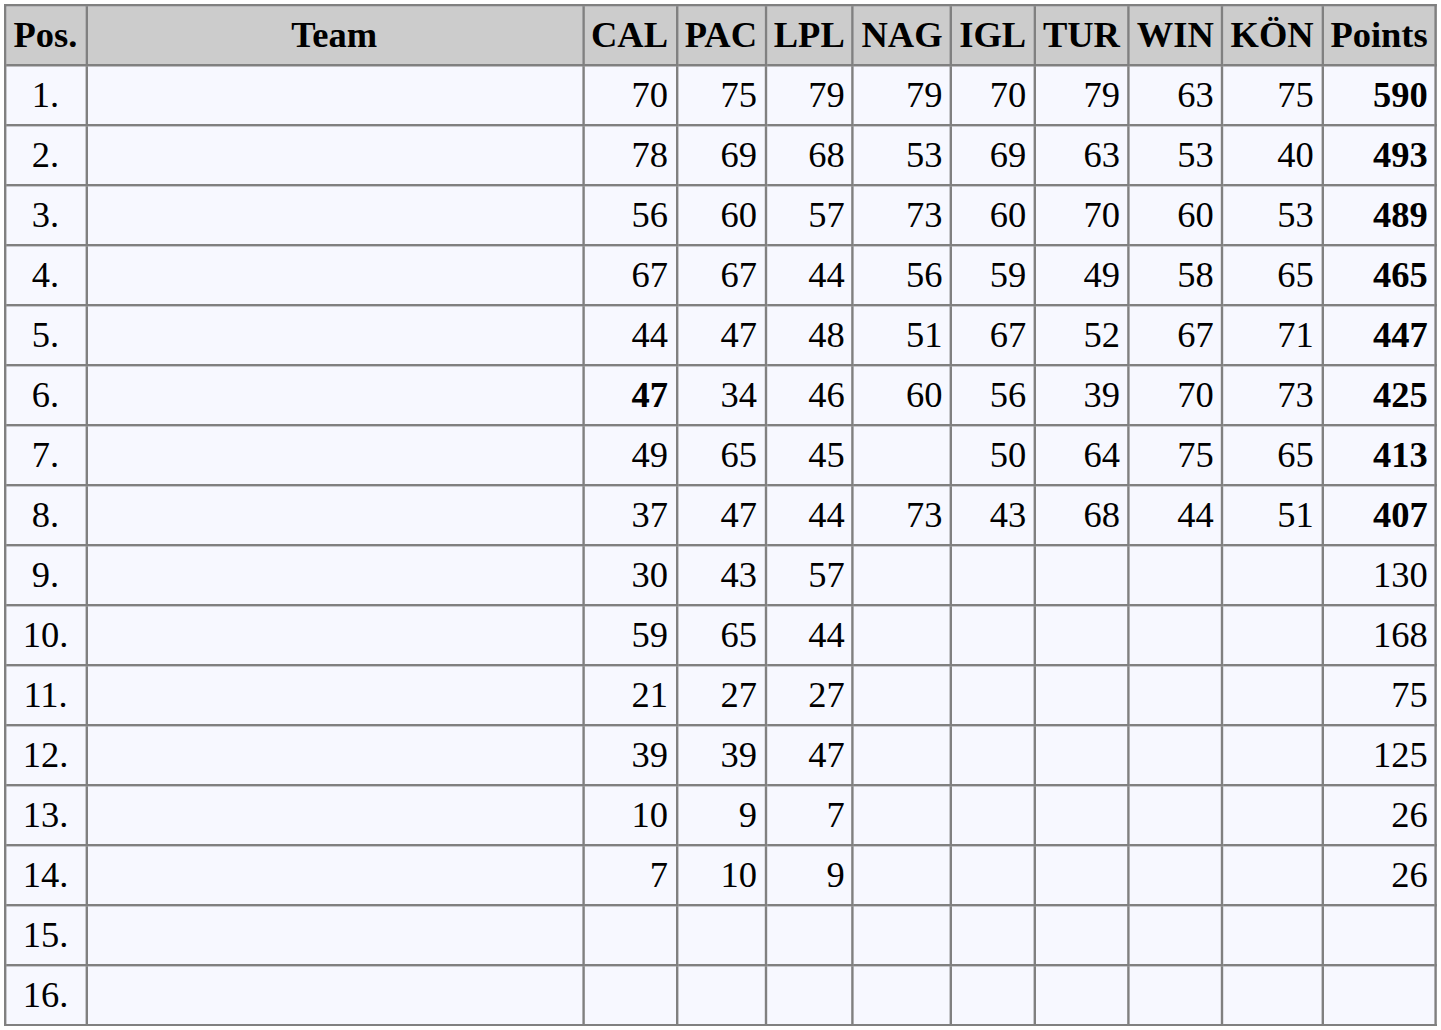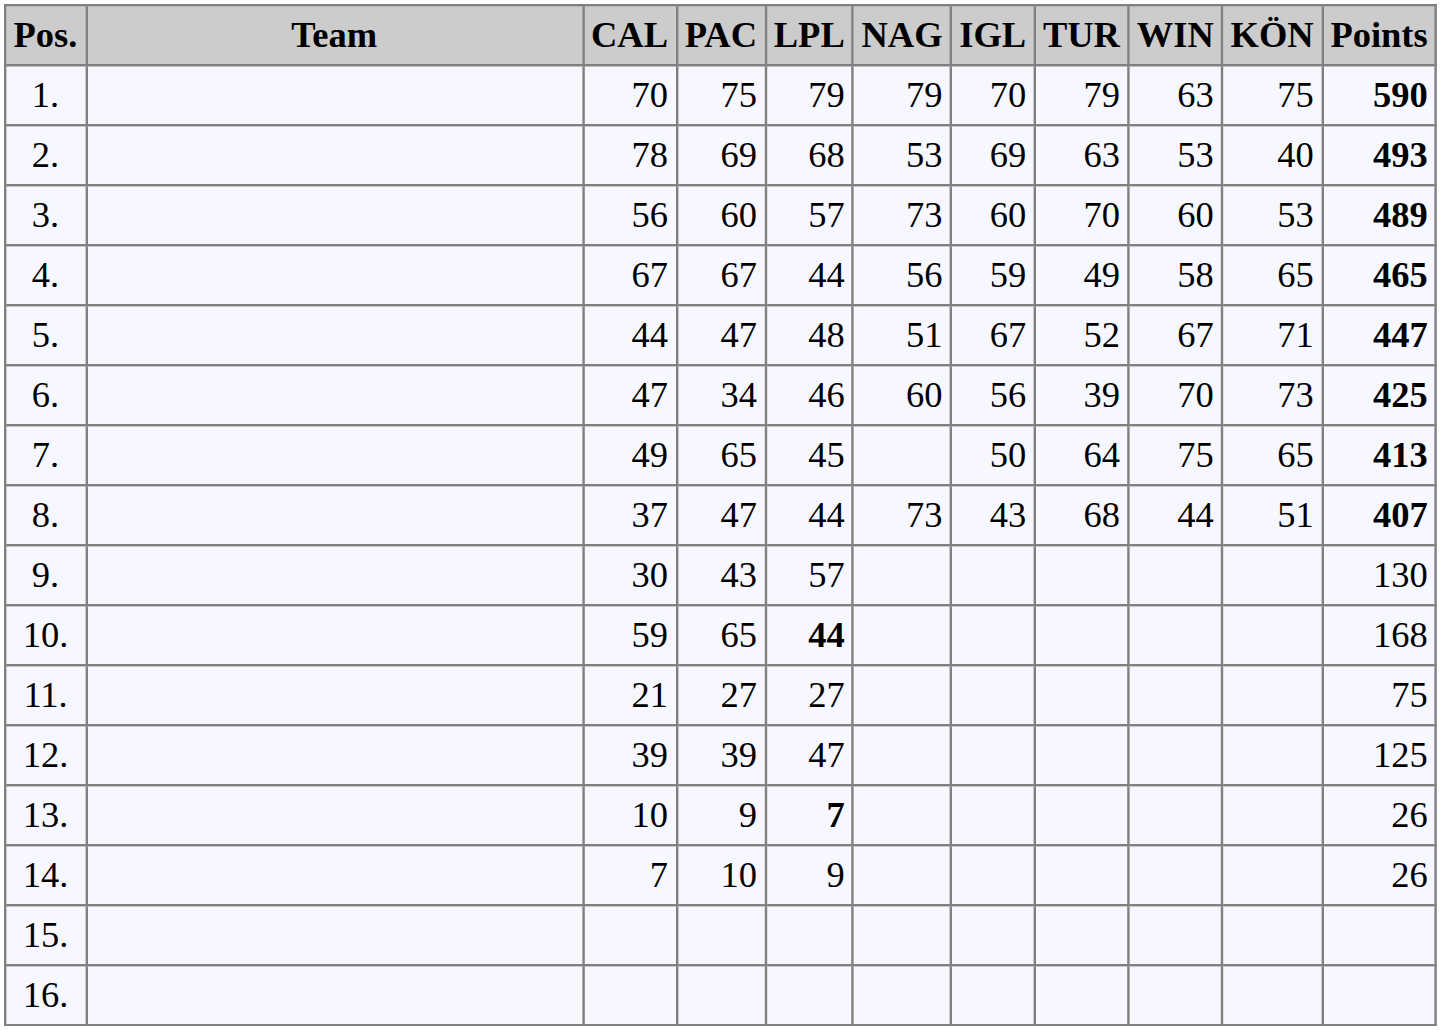 <table bgcolor="#f7f8ff" cellpadding="3" cellspacing="0" border="1" style="font-size: 95%; border: gray solid 1px; border-collapse: collapse;">
 <tr bgcolor="#CCCCCC">
 <td align="center" width="10"><strong>Pos.</strong></td>
 <td align="center" width="200"><strong>Team</strong></td>
 <td align="center" width="20"><strong>CAL</strong></td>
 <td align="center" width="20"><strong>PAC</strong></td>
 <td align="center" width="20"><strong>LPL</strong></td>
 <td align="center" width="20"><strong>NAG</strong></td>
 <td align="center" width="20"><strong>IGL</strong></td>
 <td align="center" width="20"><strong>TUR</strong></td>
 <td align="center" width="20"><strong>WIN</strong></td>
 <td align="center" width="20"><strong>KÖN</strong></td>
 <td align="center" width="20"><strong>Points</strong></td>
 </tr>
 <tr align="left">
 <td align="center">1.</td>
 <td></td>
 <td align="right">70</td>
 <td align="right">75</td>
 <td align="right">79</td>
 <td align="right">79</td>
 <td align="right">70</td>
 <td align="right">79</td>
 <td align="right">63</td>
 <td align="right">75</td>
 <td align="right"><strong>590</strong></td>
 </tr>
 <tr align="left">
 <td align="center">2.</td>
 <td></td>
 <td align="right">78</td>
 <td align="right">69</td>
 <td align="right">68</td>
 <td align="right">53</td>
 <td align="right">69</td>
 <td align="right">63</td>
 <td align="right">53</td>
 <td align="right">40</td>
 <td align="right"><strong>493</strong></td>
 </tr>
 <tr align="left">
 <td align="center">3.</td>
 <td></td>
 <td align="right">56</td>
 <td align="right">60</td>
 <td align="right">57</td>
 <td align="right">73</td>
 <td align="right">60</td>
 <td align="right">70</td>
 <td align="right">60</td>
 <td align="right">53</td>
 <td align="right"><strong>489</strong></td>
 </tr>
 <tr align="left">
 <td align="center">4.</td>
 <td></td>
 <td align="right">67</td>
 <td align="right">67</td>
 <td align="right">44</td>
 <td align="right">56</td>
 <td align="right">59</td>
 <td align="right">49</td>
 <td align="right">58</td>
 <td align="right">65</td>
 <td align="right"><strong>465</strong></td>
 </tr>
 <tr align="left">
 <td align="center">5.</td>
 <td></td>
 <td align="right">44</td>
 <td align="right">47</td>
 <td align="right">48</td>
 <td align="right">51</td>
 <td align="right">67</td>
 <td align="right">52</td>
 <td align="right">67</td>
 <td align="right">71</td>
 <td align="right"><strong>447</strong></td>
 </tr>
 <tr align="left">
 <td align="center">6.</td>
 <td></td>
-<td align="right"><strong>47</strong></td>
+<td align="right">47</td>
 <td align="right">34</td>
 <td align="right">46</td>
 <td align="right">60</td>
 <td align="right">56</td>
 <td align="right">39</td>
 <td align="right">70</td>
 <td align="right">73</td>
 <td align="right"><strong>425</strong></td>
 </tr>
 <tr align="left">
 <td align="center">7.</td>
 <td></td>
 <td align="right">49</td>
 <td align="right">65</td>
 <td align="right">45</td>
 <td align="right"></td>
 <td align="right">50</td>
 <td align="right">64</td>
 <td align="right">75</td>
 <td align="right">65</td>
 <td align="right"><strong>413</strong></td>
 </tr>
 <tr align="left">
 <td align="center">8.</td>
 <td></td>
 <td align="right">37</td>
 <td align="right">47</td>
 <td align="right">44</td>
 <td align="right">73</td>
 <td align="right">43</td>
 <td align="right">68</td>
 <td align="right">44</td>
 <td align="right">51</td>
 <td align="right"><strong>407</strong></td>
 </tr>
 <tr align="left">
 <td align="center">9.</td>
 <td></td>
 <td align="right">30</td>
 <td align="right">43</td>
 <td align="right">57</td>
 <td align="right"></td>
 <td align="right"></td>
 <td align="right"></td>
 <td align="right"></td>
 <td align="right"></td>
 <td align="right">130</td>
 </tr>
 <tr align="left">
 <td align="center">10.</td>
 <td></td>
 <td align="right">59</td>
 <td align="right">65</td>
-<td align="right">44</td>
+<td align="right"><strong>44</strong></td>
 <td align="right"></td>
 <td align="right"></td>
 <td align="right"></td>
 <td align="right"></td>
 <td align="right"></td>
 <td align="right">168</td>
 </tr>
 <tr align="left">
 <td align="center">11.</td>
 <td></td>
 <td align="right">21</td>
 <td align="right">27</td>
 <td align="right">27</td>
 <td align="right"></td>
 <td align="right"></td>
 <td align="right"></td>
 <td align="right"></td>
 <td align="right"></td>
 <td align="right">75</td>
 </tr>
 <tr align="left">
 <td align="center">12.</td>
 <td></td>
 <td align="right">39</td>
 <td align="right">39</td>
 <td align="right">47</td>
 <td align="right"></td>
 <td align="right"></td>
 <td align="right"></td>
 <td align="right"></td>
 <td align="right"></td>
 <td align="right">125</td>
 </tr>
 <tr align="left">
 <td align="center">13.</td>
 <td></td>
 <td align="right">10</td>
 <td align="right">9</td>
-<td align="right">7</td>
+<td align="right"><strong>7</strong></td>
 <td align="right"></td>
 <td align="right"></td>
 <td align="right"></td>
 <td align="right"></td>
 <td align="right"></td>
 <td align="right">26</td>
 </tr>
 <tr align="left">
 <td align="center">14.</td>
 <td></td>
 <td align="right">7</td>
 <td align="right">10</td>
 <td align="right">9</td>
 <td align="right"></td>
 <td align="right"></td>
 <td align="right"></td>
 <td align="right"></td>
 <td align="right"></td>
 <td align="right">26</td>
 </tr>
 <tr align="left">
 <td align="center">15.</td>
 <td></td>
 <td align="right"></td>
 <td align="right"></td>
 <td align="right"></td>
 <td align="right"></td>
 <td align="right"></td>
 <td align="right"></td>
 <td align="right"></td>
 <td align="right"></td>
 <td align="right"></td>
 </tr>
 <tr align="left">
 <td align="center">16.</td>
 <td></td>
 <td align="right"></td>
 <td align="right"></td>
 <td align="right"></td>
 <td align="right"></td>
 <td align="right"></td>
 <td align="right"></td>
 <td align="right"></td>
 <td align="right"></td>
 <td align="right"></td>
 </tr>
 <tr>
 </tr>
 </table>
